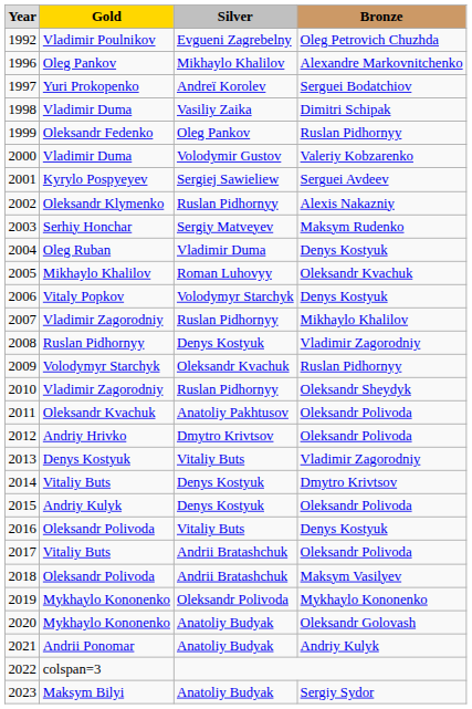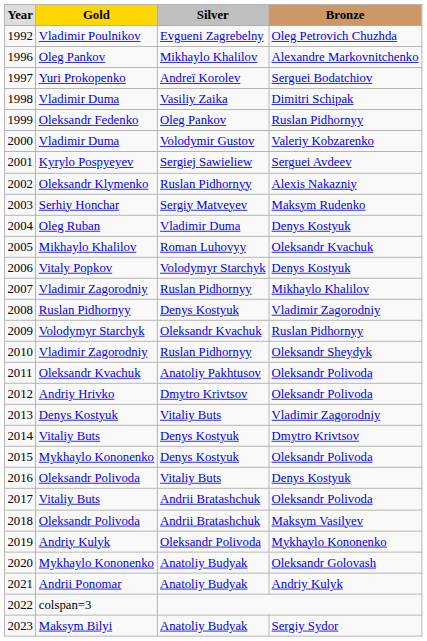 <table class="wikitable sortable alternance" style="font-size:95%">
 <tr>
 <td style="background:#DDDDDD; font-weight:bold; text-align:center;">Year</td>
 <td style="background:gold; font-weight:bold; text-align:center;">Gold</td>
 <td style="background:silver; font-weight:bold; text-align:center;">Silver</td>
 <td style="background:#cc9966; font-weight:bold; text-align:center;">Bronze</td>
 </tr>
 <tr>
 <td>1992</td>
 <td><a href='#'>Vladimir Poulnikov</a></td>
 <td><a href='#'>Evgueni Zagrebelny</a></td>
 <td><a href='#'>Oleg Petrovich Chuzhda</a></td>
 </tr>
 <tr>
 <td>1996</td>
 <td><a href='#'>Oleg Pankov</a></td>
 <td><a href='#'>Mikhaylo Khalilov</a></td>
 <td><a href='#'>Alexandre Markovnitchenko</a></td>
 </tr>
 <tr>
 <td>1997</td>
 <td><a href='#'>Yuri Prokopenko</a></td>
 <td><a href='#'>Andreï Korolev</a></td>
 <td><a href='#'>Serguei Bodatchiov</a></td>
 </tr>
 <tr>
 <td>1998</td>
 <td><a href='#'>Vladimir Duma</a></td>
 <td><a href='#'>Vasiliy Zaika</a></td>
 <td><a href='#'>Dimitri Schipak</a></td>
 </tr>
 <tr>
 <td>1999</td>
 <td><a href='#'>Oleksandr Fedenko</a></td>
 <td><a href='#'>Oleg Pankov</a></td>
 <td><a href='#'>Ruslan Pidhornyy</a></td>
 </tr>
 <tr>
 <td>2000</td>
 <td><a href='#'>Vladimir Duma</a></td>
 <td><a href='#'>Volodymir Gustov</a></td>
 <td><a href='#'>Valeriy Kobzarenko</a></td>
 </tr>
 <tr>
 <td>2001</td>
 <td><a href='#'>Kyrylo Pospyeyev</a></td>
 <td><a href='#'>Sergiej Sawieliew</a></td>
 <td><a href='#'>Serguei Avdeev</a></td>
 </tr>
 <tr>
 <td>2002</td>
 <td><a href='#'>Oleksandr Klymenko</a></td>
 <td><a href='#'>Ruslan Pidhornyy</a></td>
 <td><a href='#'>Alexis Nakazniy</a></td>
 </tr>
 <tr>
 <td>2003</td>
 <td><a href='#'>Serhiy Honchar</a></td>
 <td><a href='#'>Sergiy Matveyev</a></td>
 <td><a href='#'>Maksym Rudenko</a></td>
 </tr>
 <tr>
 <td>2004</td>
 <td><a href='#'>Oleg Ruban</a></td>
 <td><a href='#'>Vladimir Duma</a></td>
 <td><a href='#'>Denys Kostyuk</a></td>
 </tr>
 <tr>
 <td>2005</td>
 <td><a href='#'>Mikhaylo Khalilov</a></td>
 <td><a href='#'>Roman Luhovyy</a></td>
 <td><a href='#'>Oleksandr Kvachuk</a></td>
 </tr>
 <tr>
 <td>2006</td>
 <td><a href='#'>Vitaly Popkov</a></td>
 <td><a href='#'>Volodymyr Starchyk</a></td>
 <td><a href='#'>Denys Kostyuk</a></td>
 </tr>
 <tr>
 <td>2007</td>
 <td><a href='#'>Vladimir Zagorodniy</a></td>
 <td><a href='#'>Ruslan Pidhornyy</a></td>
 <td><a href='#'>Mikhaylo Khalilov</a></td>
 </tr>
 <tr>
 <td>2008</td>
 <td><a href='#'>Ruslan Pidhornyy</a></td>
 <td><a href='#'>Denys Kostyuk</a></td>
 <td><a href='#'>Vladimir Zagorodniy</a></td>
 </tr>
 <tr>
 <td>2009</td>
 <td><a href='#'>Volodymyr Starchyk</a></td>
 <td><a href='#'>Oleksandr Kvachuk</a></td>
 <td><a href='#'>Ruslan Pidhornyy</a></td>
 </tr>
 <tr>
 <td>2010</td>
 <td><a href='#'>Vladimir Zagorodniy</a></td>
 <td><a href='#'>Ruslan Pidhornyy</a></td>
 <td><a href='#'>Oleksandr Sheydyk</a></td>
 </tr>
 <tr>
 <td>2011</td>
 <td><a href='#'>Oleksandr Kvachuk</a></td>
 <td><a href='#'>Anatoliy Pakhtusov</a></td>
 <td><a href='#'>Oleksandr Polivoda</a></td>
 </tr>
 <tr>
 <td>2012</td>
 <td><a href='#'>Andriy Hrivko</a></td>
 <td><a href='#'>Dmytro Krivtsov</a></td>
 <td><a href='#'>Oleksandr Polivoda</a></td>
 </tr>
 <tr>
 <td>2013</td>
 <td><a href='#'>Denys Kostyuk</a></td>
 <td><a href='#'>Vitaliy Buts</a></td>
 <td><a href='#'>Vladimir Zagorodniy</a></td>
 </tr>
 <tr>
 <td>2014</td>
 <td><a href='#'>Vitaliy Buts</a></td>
 <td><a href='#'>Denys Kostyuk</a></td>
 <td><a href='#'>Dmytro Krivtsov</a></td>
 </tr>
 <tr>
 <td>2015</td>
-<td><a href='#'>Andriy Kulyk</a></td>
+<td><a href='#'>Mykhaylo Kononenko</a></td>
 <td><a href='#'>Denys Kostyuk</a></td>
 <td><a href='#'>Oleksandr Polivoda</a></td>
 </tr>
 <tr>
 <td>2016</td>
 <td><a href='#'>Oleksandr Polivoda</a></td>
 <td><a href='#'>Vitaliy Buts</a></td>
 <td><a href='#'>Denys Kostyuk</a></td>
 </tr>
 <tr>
 <td>2017</td>
 <td><a href='#'>Vitaliy Buts</a></td>
 <td><a href='#'>Andrii Bratashchuk</a></td>
 <td><a href='#'>Oleksandr Polivoda</a></td>
 </tr>
 <tr>
 <td>2018</td>
 <td><a href='#'>Oleksandr Polivoda</a></td>
 <td><a href='#'>Andrii Bratashchuk</a></td>
 <td><a href='#'>Maksym Vasilyev</a></td>
 </tr>
 <tr>
 <td>2019</td>
-<td><a href='#'>Mykhaylo Kononenko</a></td>
+<td><a href='#'>Andriy Kulyk</a></td>
 <td><a href='#'>Oleksandr Polivoda</a></td>
 <td><a href='#'>Mykhaylo Kononenko</a></td>
 </tr>
 <tr>
 <td>2020</td>
 <td><a href='#'>Mykhaylo Kononenko</a></td>
 <td><a href='#'>Anatoliy Budyak</a></td>
 <td><a href='#'>Oleksandr Golovash</a></td>
 </tr>
 <tr>
 <td>2021</td>
 <td><a href='#'>Andrii Ponomar</a></td>
 <td><a href='#'>Anatoliy Budyak</a></td>
 <td><a href='#'>Andriy Kulyk</a></td>
 </tr>
 <tr>
 <td>2022</td>
 <td>colspan=3 </td>
 </tr>
 <tr>
 <td>2023</td>
 <td><a href='#'>Maksym Bilyi</a></td>
 <td><a href='#'>Anatoliy Budyak</a></td>
 <td><a href='#'>Sergiy Sydor</a></td>
 </tr>
 </table>
